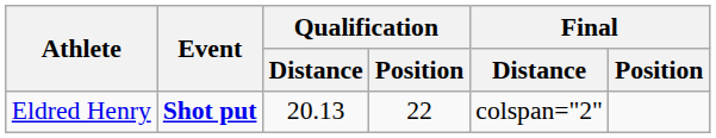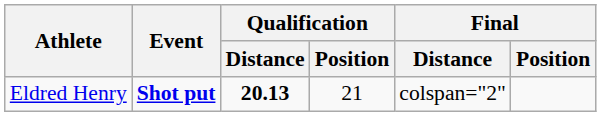 <table class="wikitable" style="font-size:90%">
 <tr>
 <th rowspan="2">Athlete</th>
 <th rowspan="2">Event</th>
 <th colspan="2">Qualification</th>
 <th colspan="2">Final</th>
 </tr>
 <tr>
 <th>Distance</th>
 <th>Position</th>
 <th>Distance</th>
 <th>Position</th>
 </tr>
 <tr style=text-align:center>
 <td style=text-align:left><a href='#'>Eldred Henry</a></td>
 <td style=text-align:left><strong><a href='#'>Shot put</a></strong></td>
-<td>20.13</td>
-<td>22</td>
+<td><strong>20.13</strong></td>
+<td>21</td>
 <td>colspan="2" </td>
 </tr>
 </table>
